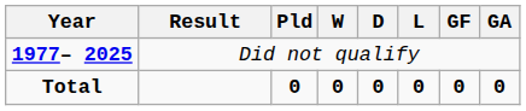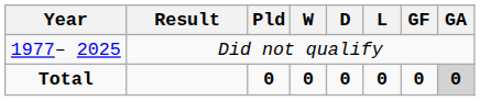 <table class="wikitable" style="text-align: center">
 <tr>
 <th width=80>Year</th>
 <th width=80>Result</th>
 <th width=20>Pld</th>
 <th width=20>W</th>
 <th width=20>D</th>
 <th width=20>L</th>
 <th width=20>GF</th>
 <th width=20>GA</th>
 </tr>
 <tr>
-<td><strong> <a href='#'>1977</a>– <a href='#'>2025</a></strong></td>
+<td> <a href='#'>1977</a>– <a href='#'>2025</a></td>
 <td colspan=8 align=center><em>Did not qualify</em></td>
 </tr>
 <tr>
 <td><strong>Total</strong></td>
 <td></td>
 <td><strong>0</strong></td>
 <td><strong>0</strong></td>
 <td><strong>0</strong></td>
 <td><strong>0</strong></td>
 <td><strong>0</strong></td>
-<td><strong>0</strong></td>
+<td style="background: lightgrey;"><strong>0</strong></td>
 </tr>
 </table>
